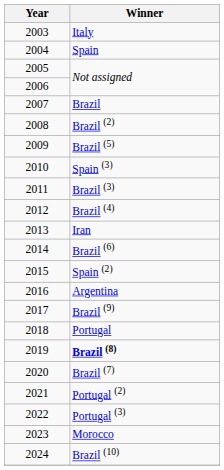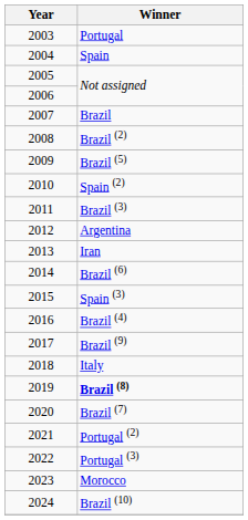 <table class="wikitable" style="width:300px;">
 <tr>
 <th>Year</th>
 <th>Winner</th>
 </tr>
 <tr>
 <td align=center>2003</td>
-<td> <a href='#'>Italy</a></td>
+<td> <a href='#'>Portugal</a></td>
 </tr>
 <tr>
 <td align=center>2004</td>
 <td> <a href='#'>Spain</a></td>
 </tr>
 <tr>
 <td align=center>2005</td>
 <td rowspan="2"><em>Not assigned</em></td>
 </tr>
 <tr>
 <td align=center>2006</td>
 </tr>
 <tr>
 <td align=center>2007</td>
 <td> <a href='#'>Brazil</a></td>
 </tr>
 <tr>
 <td align=center>2008</td>
 <td> <a href='#'>Brazil</a> <sup>(2)</sup></td>
 </tr>
 <tr>
 <td align=center>2009</td>
 <td> <a href='#'>Brazil</a> <sup>(5)</sup></td>
 </tr>
 <tr>
 <td align=center>2010</td>
-<td> <a href='#'>Spain</a> <sup>(3)</sup></td>
+<td> <a href='#'>Spain</a> <sup>(2)</sup></td>
 </tr>
 <tr>
 <td align=center>2011</td>
 <td> <a href='#'>Brazil</a> <sup>(3)</sup></td>
 </tr>
 <tr>
 <td align=center>2012</td>
-<td> <a href='#'>Brazil</a> <sup>(4)</sup></td>
+<td> <a href='#'>Argentina</a></td>
 </tr>
 <tr>
 <td align=center>2013</td>
 <td> <a href='#'>Iran</a></td>
 </tr>
 <tr>
 <td align=center>2014</td>
 <td> <a href='#'>Brazil</a> <sup>(6)</sup></td>
 </tr>
 <tr>
 <td align=center>2015</td>
-<td> <a href='#'>Spain</a> <sup>(2)</sup></td>
+<td> <a href='#'>Spain</a> <sup>(3)</sup></td>
 </tr>
 <tr>
 <td align=center>2016</td>
-<td> <a href='#'>Argentina</a></td>
+<td> <a href='#'>Brazil</a> <sup>(4)</sup></td>
 </tr>
 <tr>
 <td align=center>2017</td>
 <td> <a href='#'>Brazil</a> <sup>(9)</sup></td>
 </tr>
 <tr>
 <td align=center>2018</td>
-<td> <a href='#'>Portugal</a></td>
+<td> <a href='#'>Italy</a></td>
 </tr>
 <tr>
 <td align=center>2019</td>
 <td><strong> <a href='#'>Brazil</a> <sup>(8)</sup></strong></td>
 </tr>
 <tr>
 <td align=center>2020</td>
 <td> <a href='#'>Brazil</a> <sup>(7)</sup></td>
 </tr>
 <tr>
 <td align=center>2021</td>
 <td> <a href='#'>Portugal</a> <sup>(2)</sup></td>
 </tr>
 <tr>
 <td align=center>2022</td>
 <td> <a href='#'>Portugal</a> <sup>(3)</sup></td>
 </tr>
 <tr>
 <td align=center>2023</td>
 <td> <a href='#'>Morocco</a></td>
 </tr>
 <tr>
 <td align=center>2024</td>
 <td> <a href='#'>Brazil</a> <sup>(10)</sup></td>
 </tr>
 <tr>
 </tr>
 </table>
